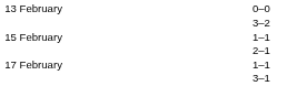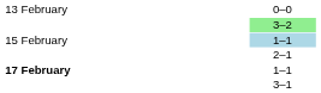 <table cellspacing="1" style="width:70%;">
 <tr>
 <th width=25%></th>
 <th width=30%></th>
 <th width=15%></th>
 <th width=30%></th>
 </tr>
 <tr>
 <td>13 February</td>
 <td align=right></td>
 <td align=center>0–0</td>
 <td></td>
 </tr>
 <tr>
 <td></td>
 <td align=right></td>
-<td align=center>3–2</td>
+<td align=center style="background: lightgreen;">3–2</td>
 <td></td>
 </tr>
 <tr>
 <td>15 February</td>
 <td align=right></td>
-<td align=center>1–1</td>
+<td align=center style="background: lightblue;">1–1</td>
 <td></td>
 </tr>
 <tr>
 <td></td>
 <td align=right></td>
 <td align=center>2–1</td>
 <td></td>
 </tr>
 <tr>
-<td>17 February</td>
+<td><strong>17 February</strong></td>
 <td align=right></td>
 <td align=center>1–1</td>
 <td></td>
 </tr>
 <tr>
 <td></td>
 <td align=right></td>
 <td align=center>3–1</td>
 <td></td>
 </tr>
 </table>
